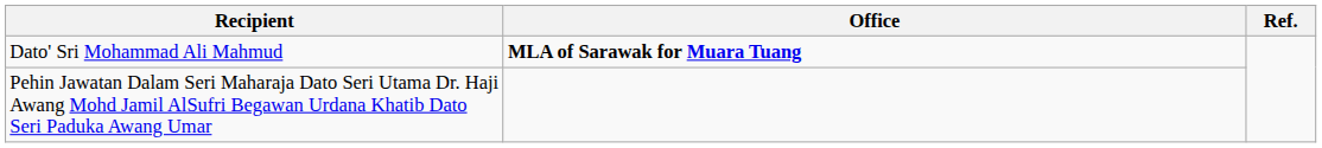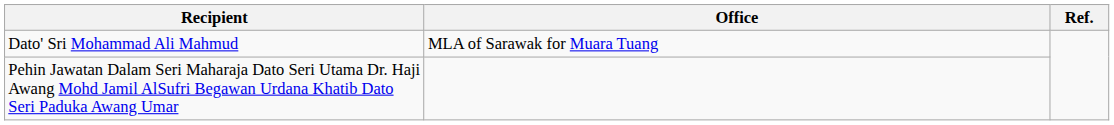 <table class="wikitable">
 <tr>
 <th width=400>Recipient</th>
 <th width=600>Office</th>
 <th width=50>Ref.</th>
 </tr>
 <tr>
 <td>Dato' Sri <a href='#'>Mohammad Ali Mahmud</a></td>
-<td><strong>MLA of Sarawak for <a href='#'>Muara Tuang</a></strong></td>
+<td>MLA of Sarawak for <a href='#'>Muara Tuang</a></td>
 <td rowspan="2" align=center></td>
 </tr>
 <tr>
 <td>Pehin Jawatan Dalam Seri Maharaja Dato Seri Utama Dr. Haji Awang <a href='#'>Mohd Jamil AlSufri Begawan Urdana Khatib Dato Seri Paduka Awang Umar</a></td>
 <td></td>
 </tr>
 </table>
